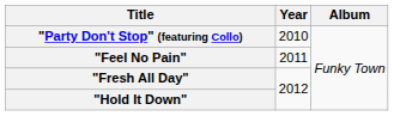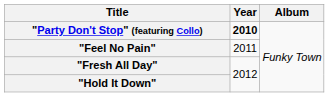 <table class="wikitable plainrowheaders" style="text-align:center;">
 <tr>
 <th scope="col" style="width:20em;">Title</th>
 <th scope="col">Year</th>
 <th scope="col">Album</th>
 </tr>
 <tr>
 <th scope="row">"<a href='#'>Party Don't Stop</a>" <small>(featuring <a href='#'>Collo</a>)</small></th>
-<td>2010</td>
+<td><strong>2010</strong></td>
 <td rowspan="4"><em>Funky Town</em></td>
 </tr>
 <tr>
 <th scope="row">"Feel No Pain"</th>
 <td>2011</td>
 </tr>
 <tr>
 <th scope="row">"Fresh All Day"</th>
 <td rowspan="2">2012</td>
 </tr>
 <tr>
 <th scope="row">"Hold It Down"</th>
 </tr>
 </table>
